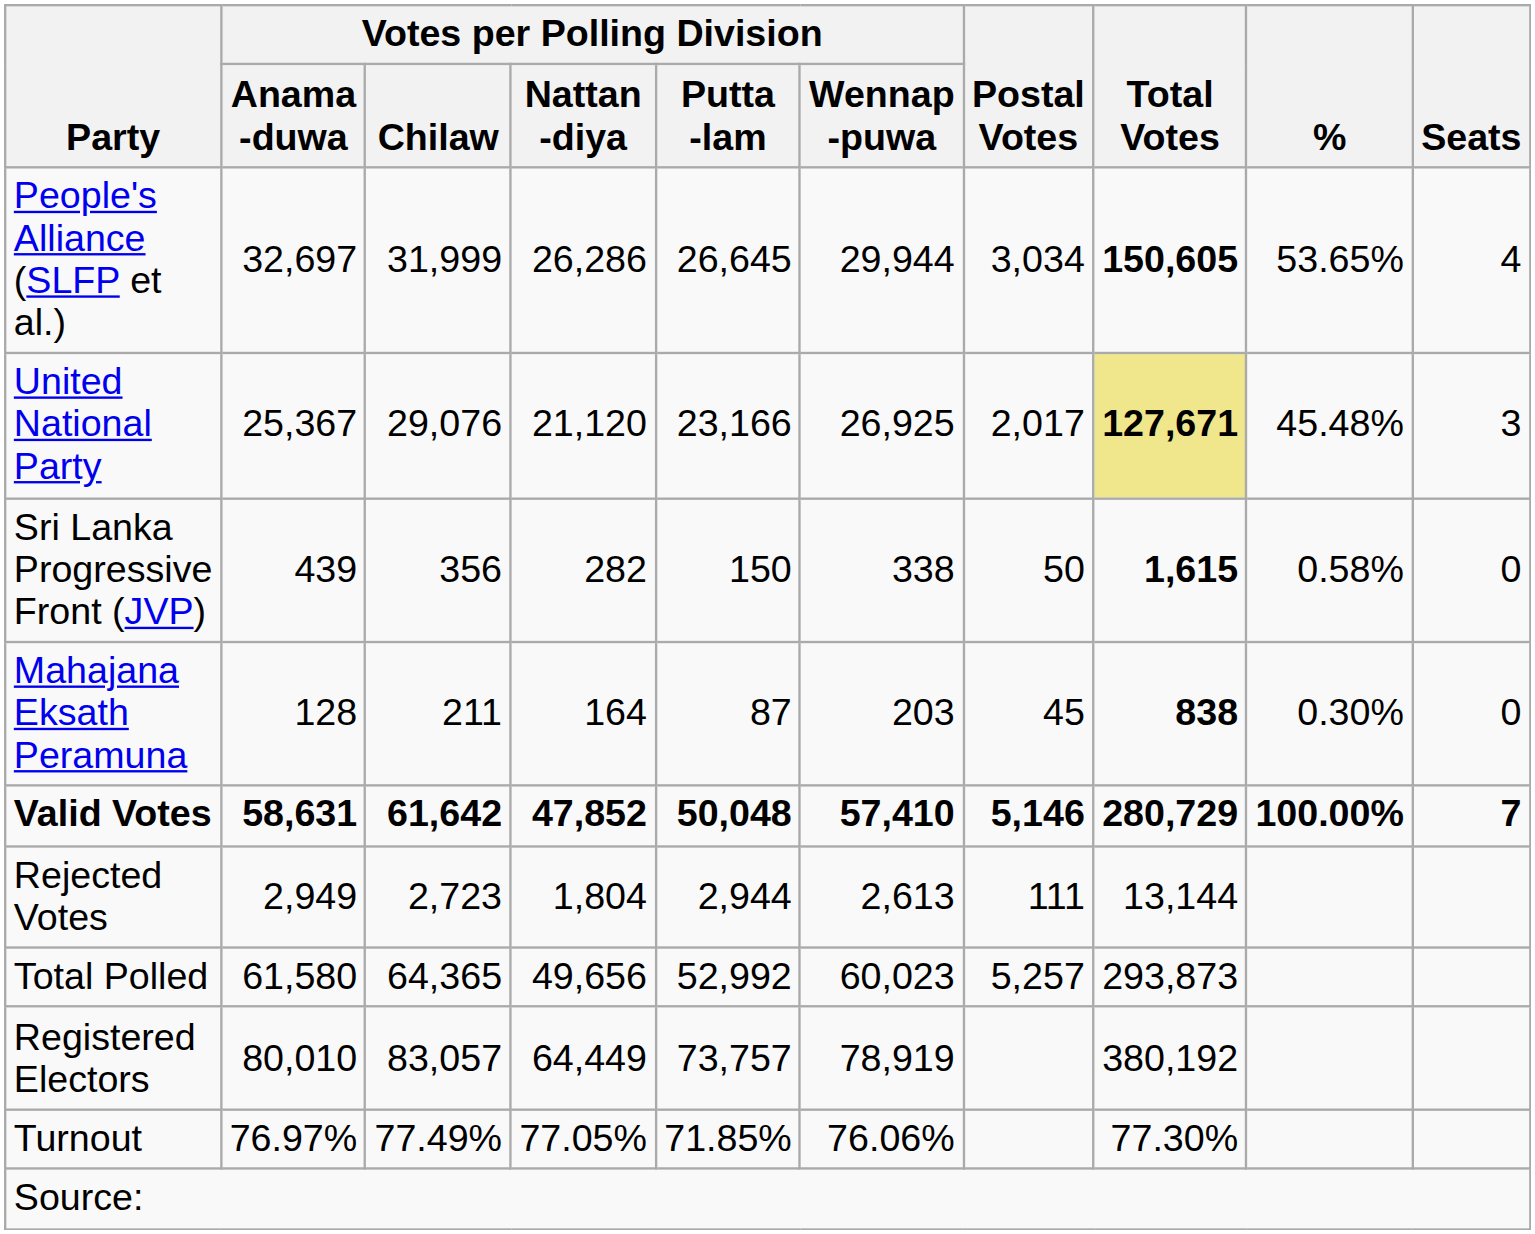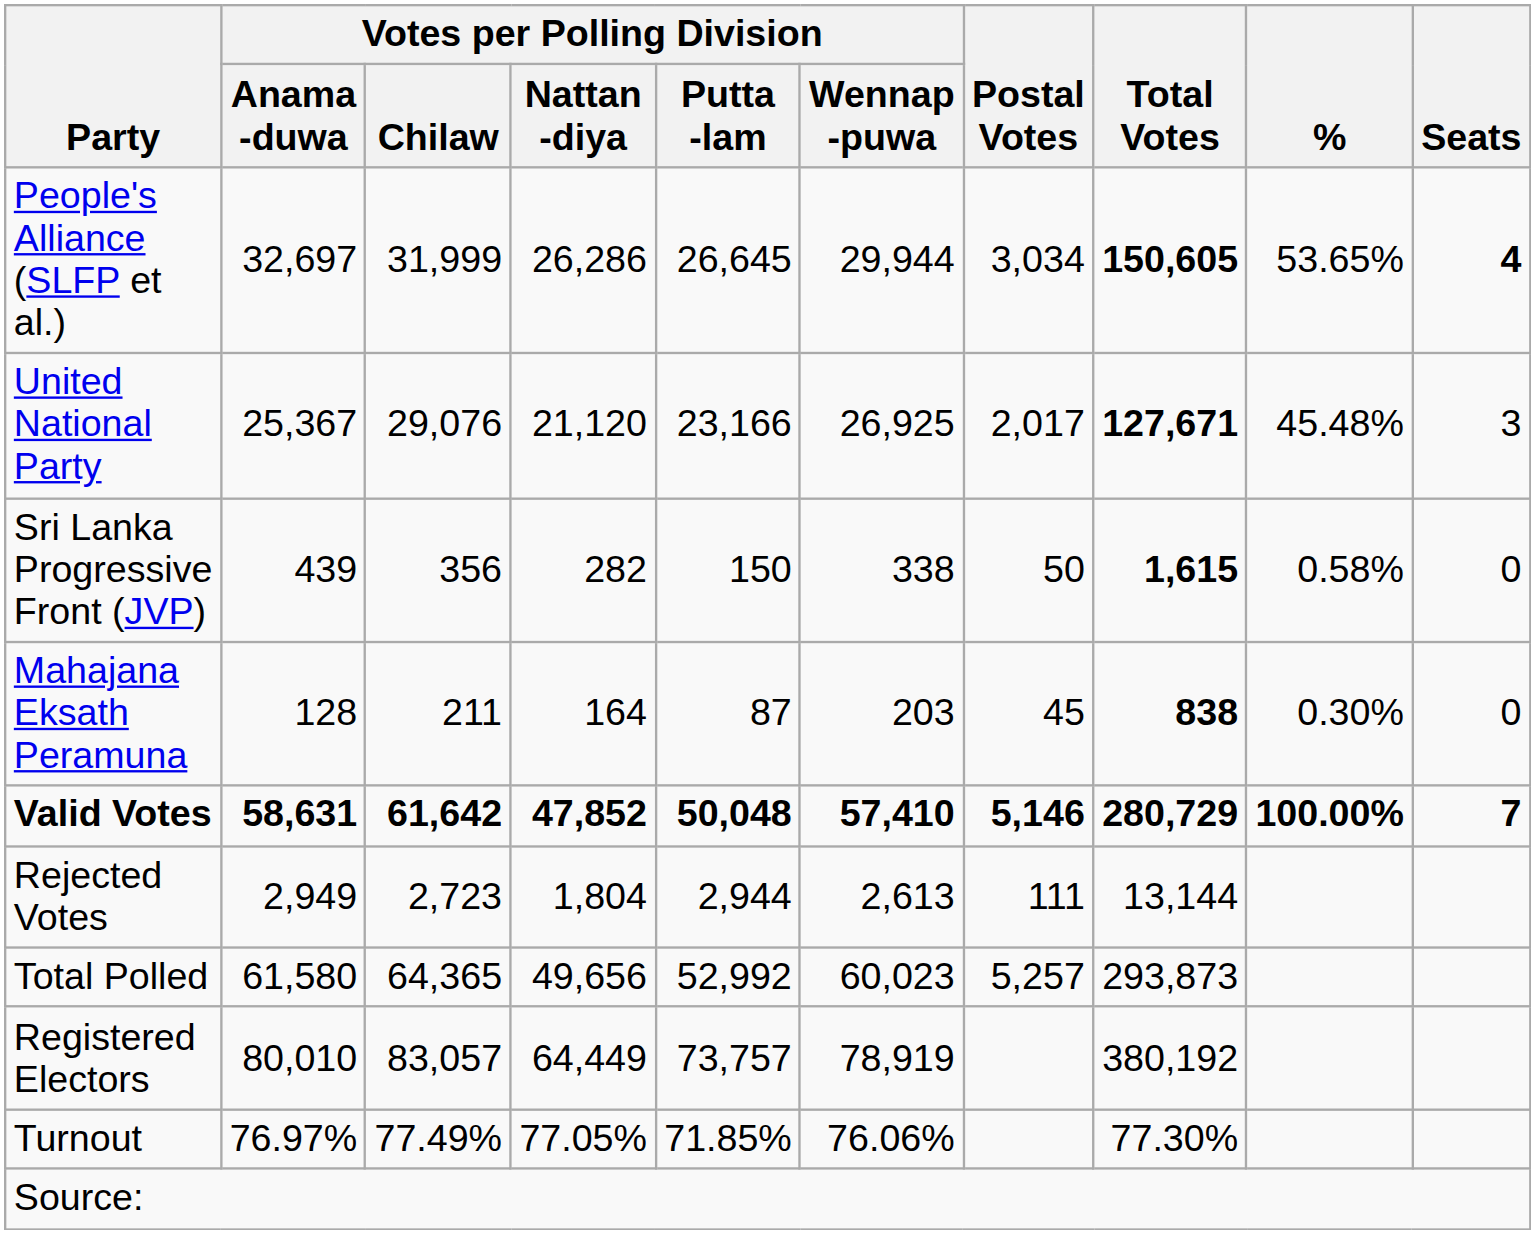 <table class="wikitable" border="1" style="text-align:right;">
 <tr>
 <th align=left valign=bottom rowspan=2 width="180">Party</th>
 <th colspan=5>Votes per Polling Division</th>
 <th align=center valign=bottom rowspan=2 width="50">Postal<br>Votes</th>
 <th align=center valign=bottom rowspan=2 width="50">Total Votes</th>
 <th align=center valign=bottom rowspan=2 width="50">%</th>
 <th align=center valign=bottom rowspan=2 width="40">Seats</th>
 </tr>
 <tr>
 <th align=center valign=bottom width="50">Anama<br>-duwa</th>
 <th align=center valign=bottom width="50">Chilaw</th>
 <th align=center valign=bottom width="50">Nattan<br>-diya</th>
 <th align=center valign=bottom width="50">Putta<br>-lam</th>
 <th align=center valign=bottom width="50">Wennap<br>-puwa</th>
 </tr>
 <tr>
 <td align=left><a href='#'>People's Alliance</a> (<a href='#'>SLFP</a> et al.)</td>
 <td>32,697</td>
 <td>31,999</td>
 <td>26,286</td>
 <td>26,645</td>
 <td>29,944</td>
 <td>3,034</td>
 <td><strong>150,605</strong></td>
 <td>53.65%</td>
-<td>4</td>
+<td><strong>4</strong></td>
 </tr>
 <tr>
 <td align=left><a href='#'>United National Party</a></td>
 <td>25,367</td>
 <td>29,076</td>
 <td>21,120</td>
 <td>23,166</td>
 <td>26,925</td>
 <td>2,017</td>
-<td style="background: khaki;"><strong>127,671</strong></td>
+<td><strong>127,671</strong></td>
 <td>45.48%</td>
 <td>3</td>
 </tr>
 <tr>
 <td align=left>Sri Lanka Progressive Front (<a href='#'>JVP</a>)</td>
 <td>439</td>
 <td>356</td>
 <td>282</td>
 <td>150</td>
 <td>338</td>
 <td>50</td>
 <td><strong>1,615</strong></td>
 <td>0.58%</td>
 <td>0</td>
 </tr>
 <tr>
 <td align=left><a href='#'>Mahajana Eksath Peramuna</a></td>
 <td>128</td>
 <td>211</td>
 <td>164</td>
 <td>87</td>
 <td>203</td>
 <td>45</td>
 <td><strong>838</strong></td>
 <td>0.30%</td>
 <td>0</td>
 </tr>
 <tr>
 <td align=left><strong>Valid Votes</strong></td>
 <td><strong>58,631</strong></td>
 <td><strong>61,642</strong></td>
 <td><strong>47,852</strong></td>
 <td><strong>50,048</strong></td>
 <td><strong>57,410</strong></td>
 <td><strong>5,146</strong></td>
 <td><strong>280,729</strong></td>
 <td><strong>100.00%</strong></td>
 <td><strong>7</strong></td>
 </tr>
 <tr>
 <td align=left>Rejected Votes</td>
 <td>2,949</td>
 <td>2,723</td>
 <td>1,804</td>
 <td>2,944</td>
 <td>2,613</td>
 <td>111</td>
 <td>13,144</td>
 <td></td>
 <td></td>
 </tr>
 <tr>
 <td align=left>Total Polled</td>
 <td>61,580</td>
 <td>64,365</td>
 <td>49,656</td>
 <td>52,992</td>
 <td>60,023</td>
 <td>5,257</td>
 <td>293,873</td>
 <td></td>
 <td></td>
 </tr>
 <tr>
 <td align=left>Registered Electors</td>
 <td>80,010</td>
 <td>83,057</td>
 <td>64,449</td>
 <td>73,757</td>
 <td>78,919</td>
 <td></td>
 <td>380,192</td>
 <td></td>
 <td></td>
 </tr>
 <tr>
 <td align=left>Turnout</td>
 <td>76.97%</td>
 <td>77.49%</td>
 <td>77.05%</td>
 <td>71.85%</td>
 <td>76.06%</td>
 <td></td>
 <td>77.30%</td>
 <td></td>
 <td></td>
 </tr>
 <tr>
 <td align=left colspan=11>Source:</td>
 </tr>
 </table>
